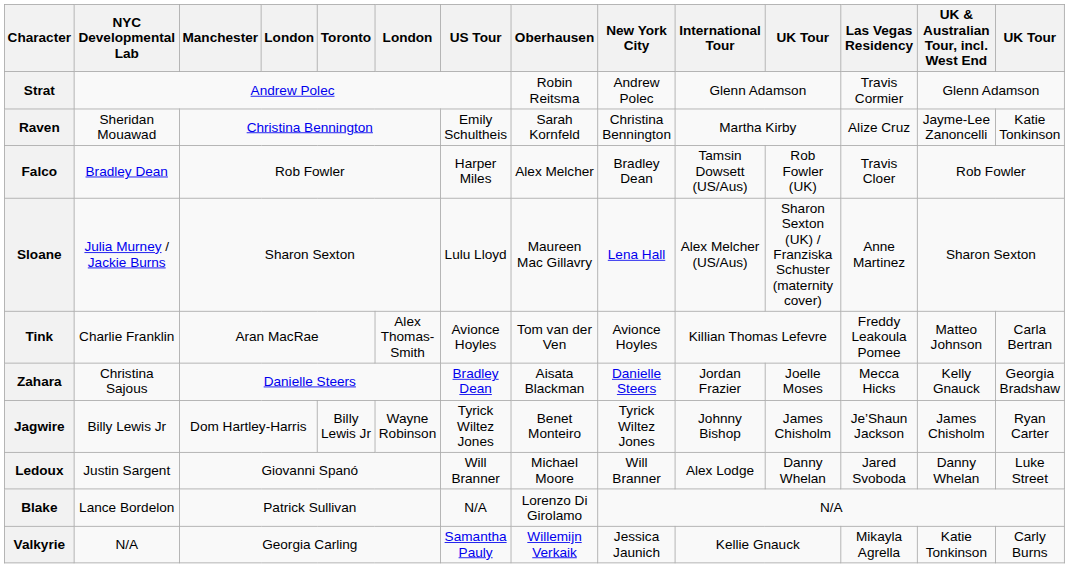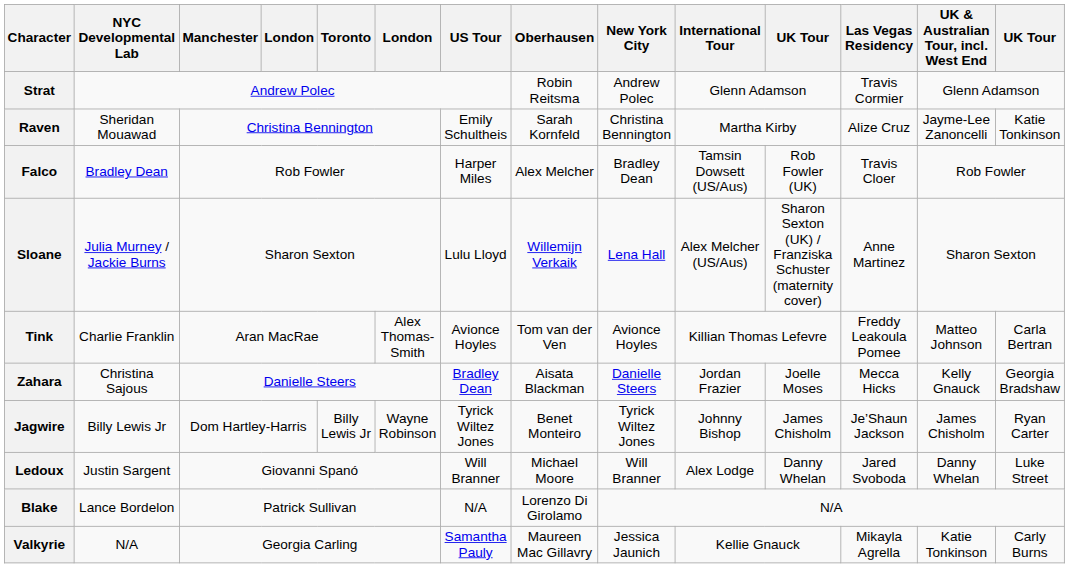 <table class="wikitable" style="text-align:center;">
 <tr>
 <th>Character</th>
 <th>NYC Developmental Lab <br> </th>
 <th>Manchester <br> </th>
 <th>London <br> </th>
 <th>Toronto <br> </th>
 <th>London <br> </th>
 <th>US Tour <br> </th>
 <th>Oberhausen <br> </th>
 <th>New York City <br> </th>
 <th>International Tour <br> </th>
 <th>UK Tour <br> </th>
 <th>Las Vegas Residency <br> </th>
 <th>UK & Australian Tour, incl. West End  <br> </th>
 <th>UK Tour<br></th>
 </tr>
 <tr>
 <th>Strat</th>
 <td colspan="6"><a href='#'>Andrew Polec</a></td>
 <td>Robin Reitsma</td>
 <td>Andrew Polec</td>
 <td colspan="2">Glenn Adamson</td>
 <td>Travis Cormier</td>
 <td colspan="2">Glenn Adamson</td>
 </tr>
 <tr>
 <th>Raven</th>
 <td>Sheridan Mouawad</td>
 <td colspan="4"><a href='#'>Christina Bennington</a></td>
 <td>Emily Schultheis</td>
 <td>Sarah Kornfeld</td>
 <td>Christina Bennington</td>
 <td colspan="2">Martha Kirby</td>
 <td>Alize Cruz</td>
 <td>Jayme-Lee Zanoncelli</td>
 <td>Katie Tonkinson</td>
 </tr>
 <tr>
 <th>Falco</th>
 <td><a href='#'>Bradley Dean</a></td>
 <td colspan="4">Rob Fowler</td>
 <td>Harper Miles</td>
 <td>Alex Melcher</td>
 <td>Bradley Dean</td>
 <td>Tamsin Dowsett (US/Aus)</td>
 <td>Rob Fowler (UK)</td>
 <td>Travis Cloer</td>
 <td colspan="2">Rob Fowler</td>
 </tr>
 <tr>
 <th>Sloane</th>
 <td><a href='#'>Julia Murney</a> / <a href='#'>Jackie Burns</a></td>
 <td colspan="4">Sharon Sexton</td>
 <td>Lulu Lloyd</td>
-<td>Maureen Mac Gillavry</td>
+<td><a href='#'>Willemijn Verkaik</a></td>
 <td><a href='#'>Lena Hall</a></td>
 <td>Alex Melcher (US/Aus)</td>
 <td>Sharon Sexton (UK) / Franziska Schuster (maternity cover)</td>
 <td>Anne Martinez</td>
 <td colspan="2">Sharon Sexton</td>
 </tr>
 <tr>
 <th>Tink</th>
 <td>Charlie Franklin</td>
 <td colspan="3">Aran MacRae</td>
 <td>Alex Thomas-Smith</td>
 <td>Avionce Hoyles</td>
 <td>Tom van der Ven</td>
 <td>Avionce Hoyles</td>
 <td colspan="2">Killian Thomas Lefevre</td>
 <td>Freddy Leakoula Pomee</td>
 <td style="text-align:center;">Matteo Johnson</td>
 <td>Carla Bertran</td>
 </tr>
 <tr>
 <th>Zahara</th>
 <td>Christina Sajous</td>
 <td colspan="4"><a href='#'>Danielle Steers</a></td>
 <td><a href='#'>Bradley Dean</a></td>
 <td>Aisata Blackman</td>
 <td><a href='#'>Danielle Steers</a></td>
 <td>Jordan Frazier</td>
 <td>Joelle Moses</td>
 <td>Mecca Hicks</td>
 <td>Kelly Gnauck</td>
 <td>Georgia Bradshaw</td>
 </tr>
 <tr>
 <th>Jagwire</th>
 <td style="text-align:center;">Billy Lewis Jr</td>
 <td colspan="2">Dom Hartley-Harris</td>
 <td>Billy Lewis Jr</td>
 <td>Wayne Robinson</td>
 <td>Tyrick Wiltez Jones</td>
 <td>Benet Monteiro</td>
 <td>Tyrick Wiltez Jones</td>
 <td>Johnny Bishop</td>
 <td>James Chisholm</td>
 <td>Je’Shaun Jackson</td>
 <td>James Chisholm</td>
 <td>Ryan Carter</td>
 </tr>
 <tr>
 <th>Ledoux</th>
 <td>Justin Sargent</td>
 <td colspan="4">Giovanni Spanó</td>
 <td>Will Branner</td>
 <td>Michael Moore</td>
 <td>Will Branner</td>
 <td>Alex Lodge</td>
 <td>Danny Whelan</td>
 <td>Jared Svoboda</td>
 <td>Danny Whelan</td>
 <td>Luke Street</td>
 </tr>
 <tr>
 <th>Blake</th>
 <td>Lance Bordelon</td>
 <td colspan="4">Patrick Sullivan</td>
 <td>N/A</td>
 <td>Lorenzo Di Girolamo</td>
 <td colspan="6">N/A</td>
 </tr>
 <tr>
 <th>Valkyrie</th>
 <td>N/A</td>
 <td colspan="4">Georgia Carling</td>
 <td><a href='#'>Samantha Pauly</a></td>
-<td><a href='#'>Willemijn Verkaik</a></td>
+<td>Maureen Mac Gillavry</td>
 <td>Jessica Jaunich</td>
 <td colspan="2">Kellie Gnauck</td>
 <td>Mikayla Agrella</td>
 <td>Katie Tonkinson</td>
 <td>Carly Burns</td>
 </tr>
 </table>
